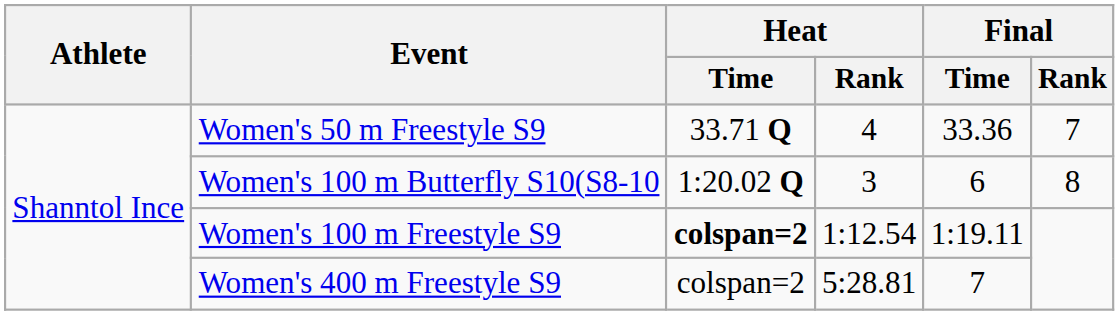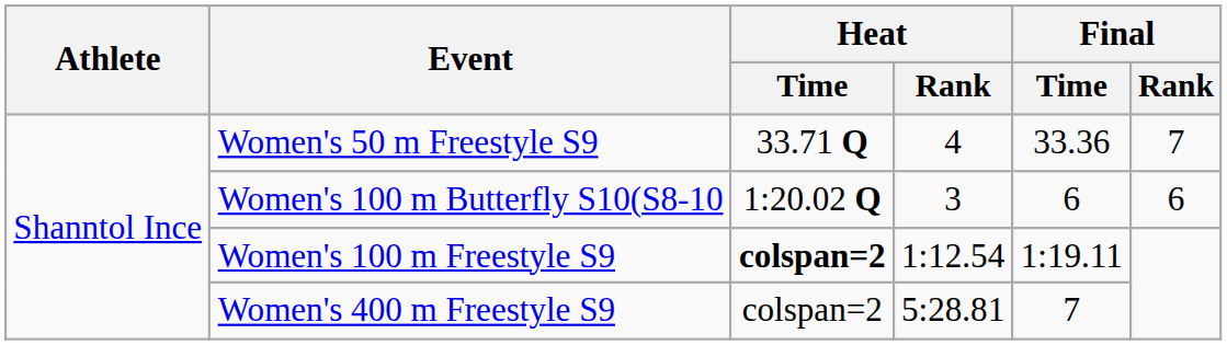 <table class=wikitable style="font-size:90%">
 <tr>
 <th rowspan="2">Athlete</th>
 <th rowspan="2">Event</th>
 <th colspan="2">Heat</th>
 <th colspan="2">Final</th>
 </tr>
 <tr style="font-size:95%">
 <th>Time</th>
 <th>Rank</th>
 <th>Time</th>
 <th>Rank</th>
 </tr>
 <tr align=center>
 <td align=left rowspan="4"><a href='#'>Shanntol Ince</a></td>
 <td align=left><a href='#'>Women's 50 m Freestyle S9</a></td>
 <td>33.71 <strong>Q</strong></td>
 <td>4</td>
 <td>33.36</td>
 <td>7</td>
 </tr>
 <tr align=center>
 <td align=left><a href='#'>Women's 100 m Butterfly S10(S8-10</a></td>
 <td>1:20.02 <strong>Q</strong></td>
 <td>3</td>
 <td>6</td>
-<td>8</td>
+<td>6</td>
 </tr>
 <tr align=center>
 <td align=left><a href='#'>Women's 100 m Freestyle S9</a></td>
 <td><strong>colspan=2 </strong></td>
 <td>1:12.54</td>
 <td>1:19.11</td>
 </tr>
 <tr align=center>
 <td align=left><a href='#'>Women's 400 m Freestyle S9</a></td>
 <td>colspan=2 </td>
 <td>5:28.81</td>
 <td>7</td>
 </tr>
 </table>
